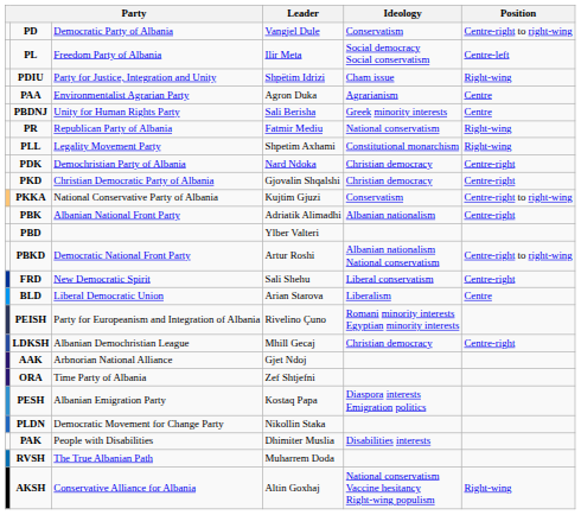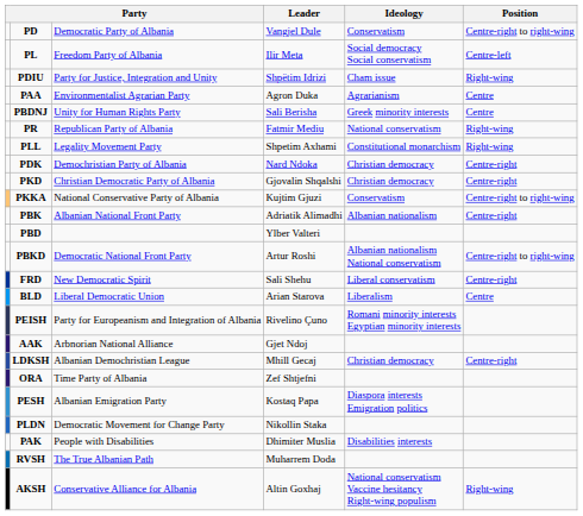 <table class="wikitable" style="font-size:90%">
 <tr>
 <th colspan="3">Party</th>
 <th>Leader</th>
 <th>Ideology</th>
 <th>Position</th>
 </tr>
 <tr>
 <td style="background:"></td>
 <td style="text-align:center;"><strong>PD</strong></td>
 <td><a href='#'>Democratic Party of Albania</a><br></td>
 <td><a href='#'>Vangjel Dule</a></td>
 <td><a href='#'>Conservatism</a></td>
 <td><a href='#'>Centre-right</a> to <a href='#'>right-wing</a></td>
 </tr>
 <tr>
 <td style="background:"></td>
 <td style="text-align:center;"><strong>PL</strong></td>
 <td><a href='#'>Freedom Party of Albania</a><br></td>
 <td><a href='#'>Ilir Meta</a></td>
 <td><a href='#'>Social democracy</a><br><a href='#'>Social conservatism</a></td>
 <td><a href='#'>Centre-left</a></td>
 </tr>
 <tr>
 <td style="background:"></td>
 <td style="text-align:center;"><strong>PDIU</strong></td>
 <td><a href='#'>Party for Justice, Integration and Unity</a><br></td>
 <td><a href='#'>Shpëtim Idrizi</a></td>
 <td><a href='#'>Cham issue</a></td>
 <td><a href='#'>Right-wing</a></td>
 </tr>
 <tr>
 <td style="background:"></td>
 <td style="text-align:center;"><strong>PAA</strong></td>
 <td><a href='#'>Environmentalist Agrarian Party</a><br></td>
 <td>Agron Duka</td>
 <td><a href='#'>Agrarianism</a></td>
 <td><a href='#'>Centre</a></td>
 </tr>
 <tr>
 <td style="background:"></td>
 <td style="text-align:center;"><strong>PBDNJ</strong></td>
 <td><a href='#'>Unity for Human Rights Party</a><br></td>
 <td><a href='#'>Sali Berisha</a></td>
 <td><a href='#'>Greek</a> <a href='#'>minority interests</a></td>
 <td><a href='#'>Centre</a></td>
 </tr>
 <tr>
 <td style="background:"></td>
 <td style="text-align:center;"><strong>PR</strong></td>
 <td><a href='#'>Republican Party of Albania</a><br></td>
 <td><a href='#'>Fatmir Mediu</a></td>
 <td><a href='#'>National conservatism</a></td>
 <td><a href='#'>Right-wing</a></td>
 </tr>
 <tr>
 <td style="background:"></td>
 <td style="text-align:center;"><strong>PLL</strong></td>
 <td><a href='#'>Legality Movement Party</a><br></td>
 <td>Shpetim Axhami</td>
 <td><a href='#'>Constitutional monarchism</a></td>
 <td><a href='#'>Right-wing</a></td>
 </tr>
 <tr>
 <td style="background:"></td>
 <td style="text-align:center;"><strong>PDK</strong></td>
 <td><a href='#'>Demochristian Party of Albania</a><br></td>
 <td><a href='#'>Nard Ndoka</a></td>
 <td><a href='#'>Christian democracy</a></td>
 <td><a href='#'>Centre-right</a></td>
 </tr>
 <tr>
 <td style="background:"></td>
 <td style="text-align:center;"><strong>PKD</strong></td>
 <td><a href='#'>Christian Democratic Party of Albania</a><br></td>
 <td>Gjovalin Shqalshi</td>
 <td><a href='#'>Christian democracy</a></td>
 <td><a href='#'>Centre-right</a></td>
 </tr>
 <tr>
 <td style="background:#FEC472;"></td>
 <td style="text-align:center;"><strong>PKKA</strong></td>
 <td>National Conservative Party of Albania<br></td>
 <td>Kujtim Gjuzi</td>
 <td><a href='#'>Conservatism</a></td>
 <td><a href='#'>Centre-right</a> to <a href='#'>right-wing</a></td>
 </tr>
 <tr>
 <td style="background:"></td>
 <td style="text-align:center;"><strong>PBK</strong></td>
 <td><a href='#'>Albanian National Front Party</a><br></td>
 <td>Adriatik Alimadhi</td>
 <td><a href='#'>Albanian nationalism</a></td>
 <td><a href='#'>Centre-right</a></td>
 </tr>
 <tr>
 <td style="background:"></td>
 <td style="text-align:center;"><strong>PBD</strong></td>
 <td><br></td>
 <td>Ylber Valteri</td>
 <td></td>
 <td></td>
 </tr>
 <tr>
 <td style="background:"></td>
 <td style="text-align:center;"><strong>PBKD</strong></td>
 <td><a href='#'>Democratic National Front Party</a><br></td>
 <td>Artur Roshi</td>
 <td><a href='#'>Albanian nationalism</a><br><a href='#'>National conservatism</a></td>
 <td><a href='#'>Centre-right</a> to <a href='#'>right-wing</a></td>
 </tr>
 <tr>
 <td style="background:#003296;"></td>
 <td style="text-align:center;"><strong>FRD</strong></td>
 <td><a href='#'>New Democratic Spirit</a><br></td>
 <td>Sali Shehu</td>
 <td><a href='#'>Liberal conservatism</a></td>
 <td><a href='#'>Centre-right</a></td>
 </tr>
 <tr>
 <td style="background:#0097F0;"></td>
 <td style="text-align:center;"><strong>BLD</strong></td>
 <td><a href='#'>Liberal Democratic Union</a><br></td>
 <td>Arian Starova</td>
 <td><a href='#'>Liberalism</a></td>
 <td><a href='#'>Centre</a></td>
 </tr>
 <tr>
 <td style="background:#2C365A;"></td>
 <td style="text-align:center;"><strong>PEISH</strong></td>
 <td>Party for Europeanism and Integration of Albania<br></td>
 <td>Rivelino Çuno</td>
 <td><a href='#'>Romani</a> <a href='#'>minority interests</a><br><a href='#'>Egyptian</a> <a href='#'>minority interests</a></td>
 <td></td>
 </tr>
 <tr>
+<td style="background:#2A166F;"></td>
+<td style="text-align:center;"><strong>AAK</strong></td>
+<td>Arbnorian National Alliance<br></td>
+<td>Gjet Ndoj</td>
+<td></td>
+<td></td>
+</tr>
+<tr>
 <td style="background:#274b9f;"></td>
 <td style="text-align:center;"><strong>LDKSH</strong></td>
 <td>Albanian Demochristian League <br></td>
 <td>Mhill Gecaj</td>
 <td><a href='#'>Christian democracy</a></td>
 <td><a href='#'>Centre-right</a></td>
-</tr>
-<tr>
-<td style="background:#2A166F;"></td>
-<td style="text-align:center;"><strong>AAK</strong></td>
-<td>Arbnorian National Alliance<br></td>
-<td>Gjet Ndoj</td>
-<td></td>
-<td></td>
 </tr>
 <tr>
 <td style="background:#2A1770;"></td>
 <td style="text-align:center;"><strong>ORA</strong></td>
 <td>Time Party of Albania<br></td>
 <td>Zef Shtjefni</td>
 <td></td>
 <td></td>
 </tr>
 <tr>
 <td style="background:#3192CF;"></td>
 <td style="text-align:center;"><strong>PESH</strong></td>
 <td>Albanian Emigration Party<br></td>
 <td>Kostaq Papa</td>
 <td><a href='#'>Diaspora</a> <a href='#'>interests</a><br><a href='#'>Emigration</a> <a href='#'>politics</a></td>
 <td></td>
 </tr>
 <tr>
 <td style="background:#2167BF;"></td>
 <td style="text-align:center;"><strong>PLDN</strong></td>
 <td>Democratic Movement for Change Party<br></td>
 <td>Nikollin Staka</td>
 <td></td>
 <td></td>
 </tr>
 <tr>
 <td style="background:;"></td>
 <td style="text-align:center;"><strong>PAK</strong></td>
 <td>People with Disabilities<br></td>
 <td>Dhimiter Muslia</td>
 <td><a href='#'>Disabilities</a> <a href='#'>interests</a></td>
 <td></td>
 </tr>
 <tr>
 <td style="background:#046fb1;"></td>
 <td style="text-align:center;"><strong>RVSH</strong></td>
 <td><a href='#'>The True Albanian Path</a><br></td>
 <td>Muharrem Doda</td>
 <td></td>
 <td></td>
 </tr>
 <tr>
 <td style="background:black;"></td>
 <td style="text-align:center;"><strong>AKSH</strong></td>
 <td><a href='#'>Conservative Alliance for Albania</a> <br></td>
 <td>Altin Goxhaj</td>
 <td><a href='#'>National conservatism</a><br><a href='#'>Vaccine hesitancy</a><br><a href='#'>Right-wing populism</a></td>
 <td><a href='#'>Right-wing</a></td>
 </tr>
 </table>
